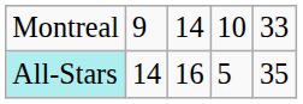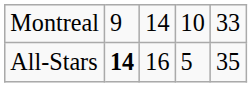 <table class="wikitable">
 <tr>
 <td>Montreal</td>
 <td>9</td>
 <td>14</td>
 <td>10</td>
 <td>33</td>
 </tr>
 <tr>
-<td style="background: paleturquoise;">All-Stars</td>
-<td>14</td>
+<td>All-Stars</td>
+<td><strong>14</strong></td>
 <td>16</td>
 <td>5</td>
 <td>35</td>
 </tr>
 </table>
